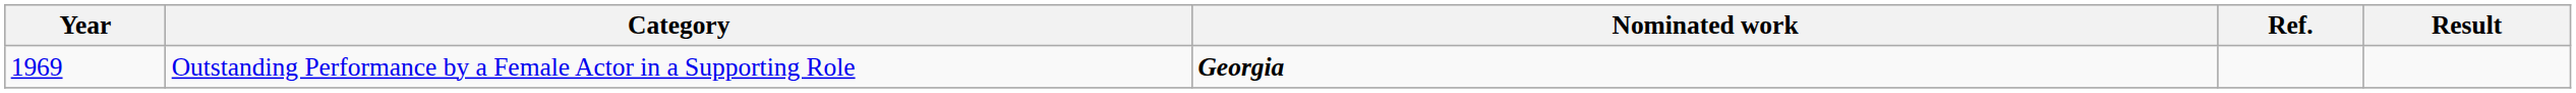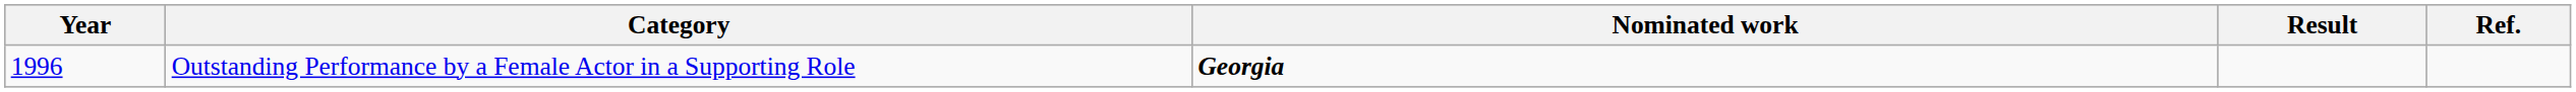 <table class="wikitable" style="width:80%;">
 <tr>
 <th>Year</th>
 <th style="width:40%;">Category</th>
 <th style="width:40%;">Nominated work</th>
+<th>Result</th>
 <th>Ref.</th>
-<th>Result</th>
 </tr>
 <tr>
-<td><a href='#'>1969</a></td>
+<td><a href='#'>1996</a></td>
 <td><a href='#'>Outstanding Performance by a Female Actor in a Supporting Role</a></td>
 <td><strong><em>Georgia</em></strong></td>
+<td></td>
 <td align="center"></td>
-<td></td>
 </tr>
 </table>
